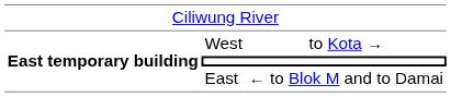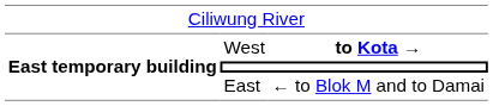 <table cellspacing="0" cellpadding="3">
 <tr>
 <td colspan="3" style="text-align:center;border-top:solid 1px gray"><a href='#'>Ciliwung River</a></td>
 </tr>
 <tr>
 <td rowspan="3" style="text-align:center;border-top:solid 1px gray;border-bottom:solid 1px gray"><strong>East temporary building</strong></td>
 <td style="border-top:solid 1px gray">West</td>
-<td style="text-align:center;border-top:solid 1px gray">  to <a href='#'>Kota</a>  →</td>
+<td style="text-align:center;border-top:solid 1px gray"><strong>  to <a href='#'>Kota</a>  →</strong></td>
 </tr>
 <tr>
 <td colspan="2" style="text-align:center; border:solid 2px black; "></td>
 </tr>
 <tr>
 <td style="border-bottom:solid 1px gray">East</td>
 <td style="text-align:center ; border-bottom:solid 1px gray">←   to <a href='#'>Blok M</a> and  to Damai</td>
 </tr>
 </table>
